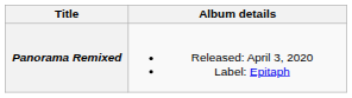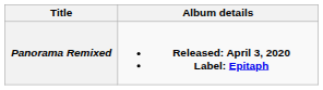 <table class="wikitable plainrowheaders" style="text-align:center;">
 <tr>
 <th rowspan="1" scope="col" style="width:10em;">Title</th>
 <th rowspan="1" scope="col" style="width:18em;">Album details</th>
 </tr>
 <tr>
 <th scope="row"><em>Panorama Remixed</em></th>
-<td><br><ul><li>Released: April 3, 2020</li><li>Label: <a href='#'>Epitaph</a></li></ul></td>
+<td><strong><br><ul><li>Released: April 3, 2020</li><li>Label: <a href='#'>Epitaph</a></li></ul></strong></td>
 </tr>
 </table>
